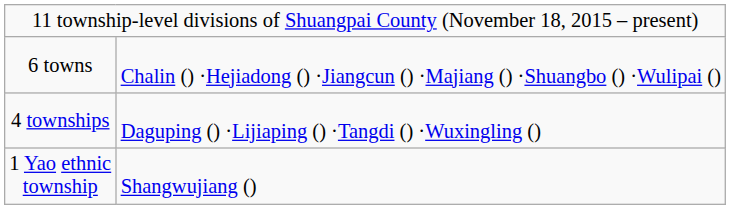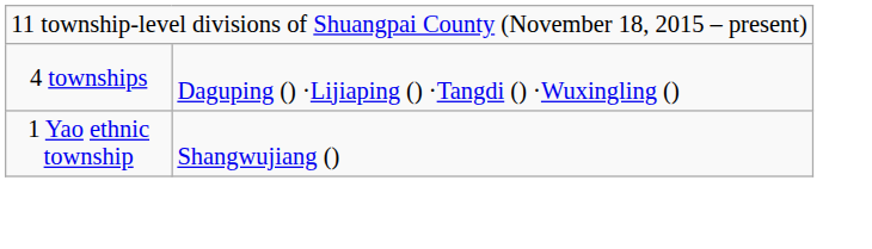 <table class="wikitable">
 <tr>
 <td style="text-align:center;" colspan="2">11 township-level divisions of <a href='#'>Shuangpai County</a> (November 18, 2015 – present)</td>
-</tr>
-<tr align=left>
-<td align=center>6 towns</td>
-<td><br><a href='#'>Chalin</a> () ·<a href='#'>Hejiadong</a> () ·<a href='#'>Jiangcun</a> () ·<a href='#'>Majiang</a> () ·<a href='#'>Shuangbo</a> () ·<a href='#'>Wulipai</a> ()</td>
 </tr>
 <tr align=left>
 <td align=center>4 <a href='#'>townships</a></td>
 <td><br><a href='#'>Daguping</a> () ·<a href='#'>Lijiaping</a> () ·<a href='#'>Tangdi</a> () ·<a href='#'>Wuxingling</a> ()</td>
 </tr>
 <tr align=left>
 <td align=center>1 <a href='#'>Yao</a> <a href='#'>ethnic <br>township</a></td>
 <td><br><a href='#'>Shangwujiang</a> ()</td>
 </tr>
 </table>
